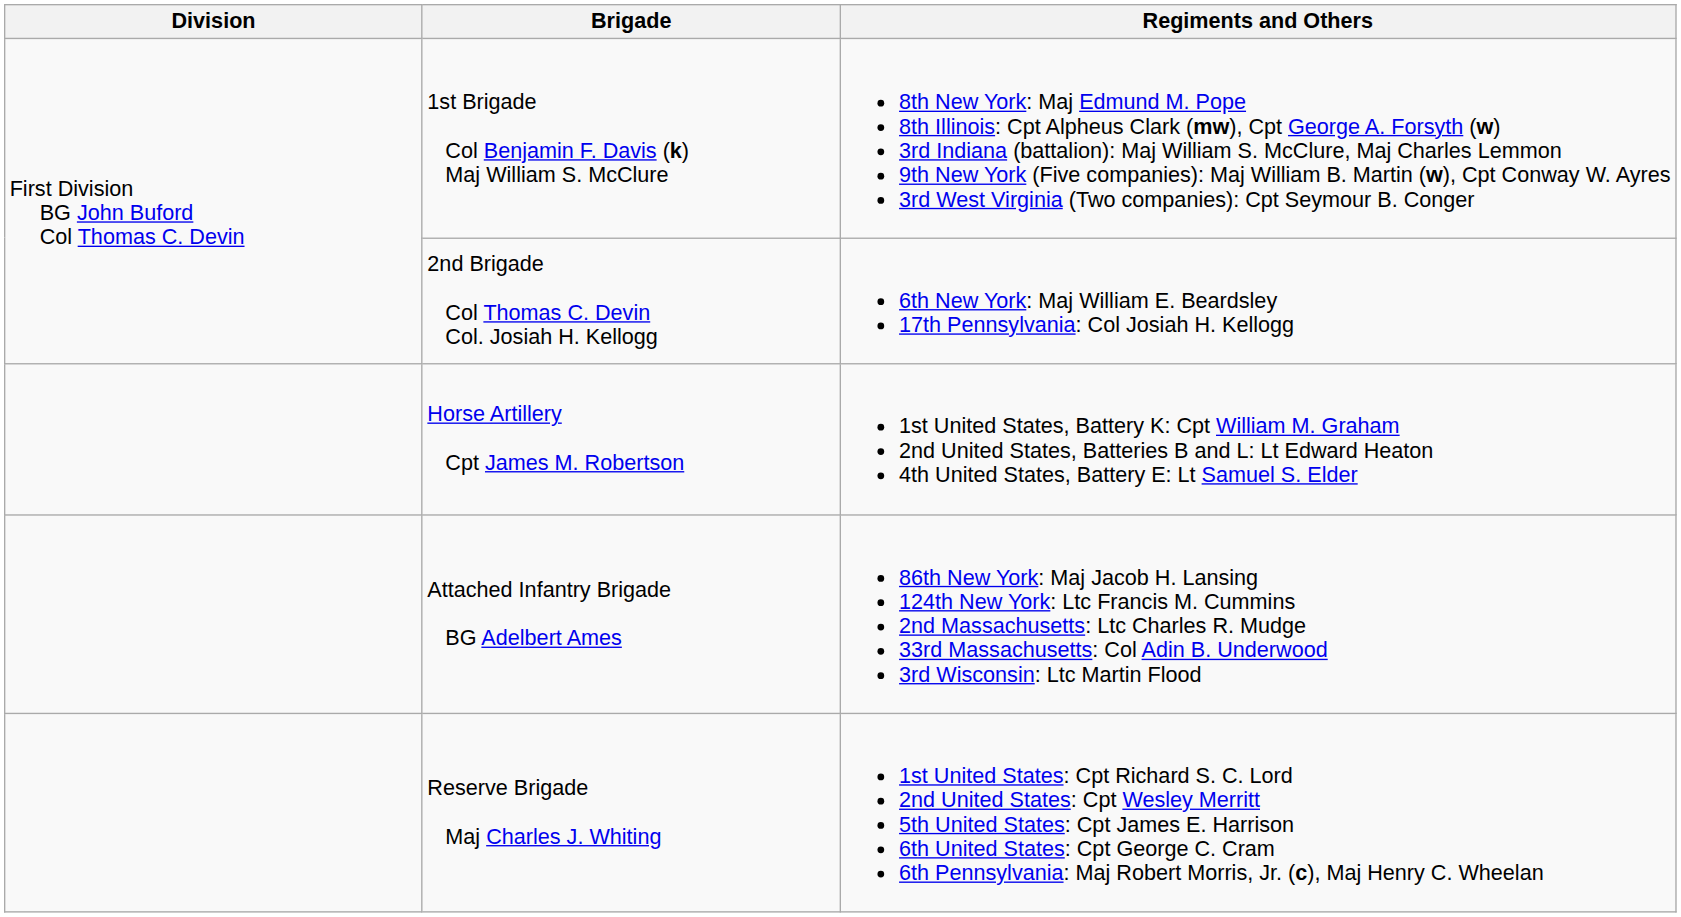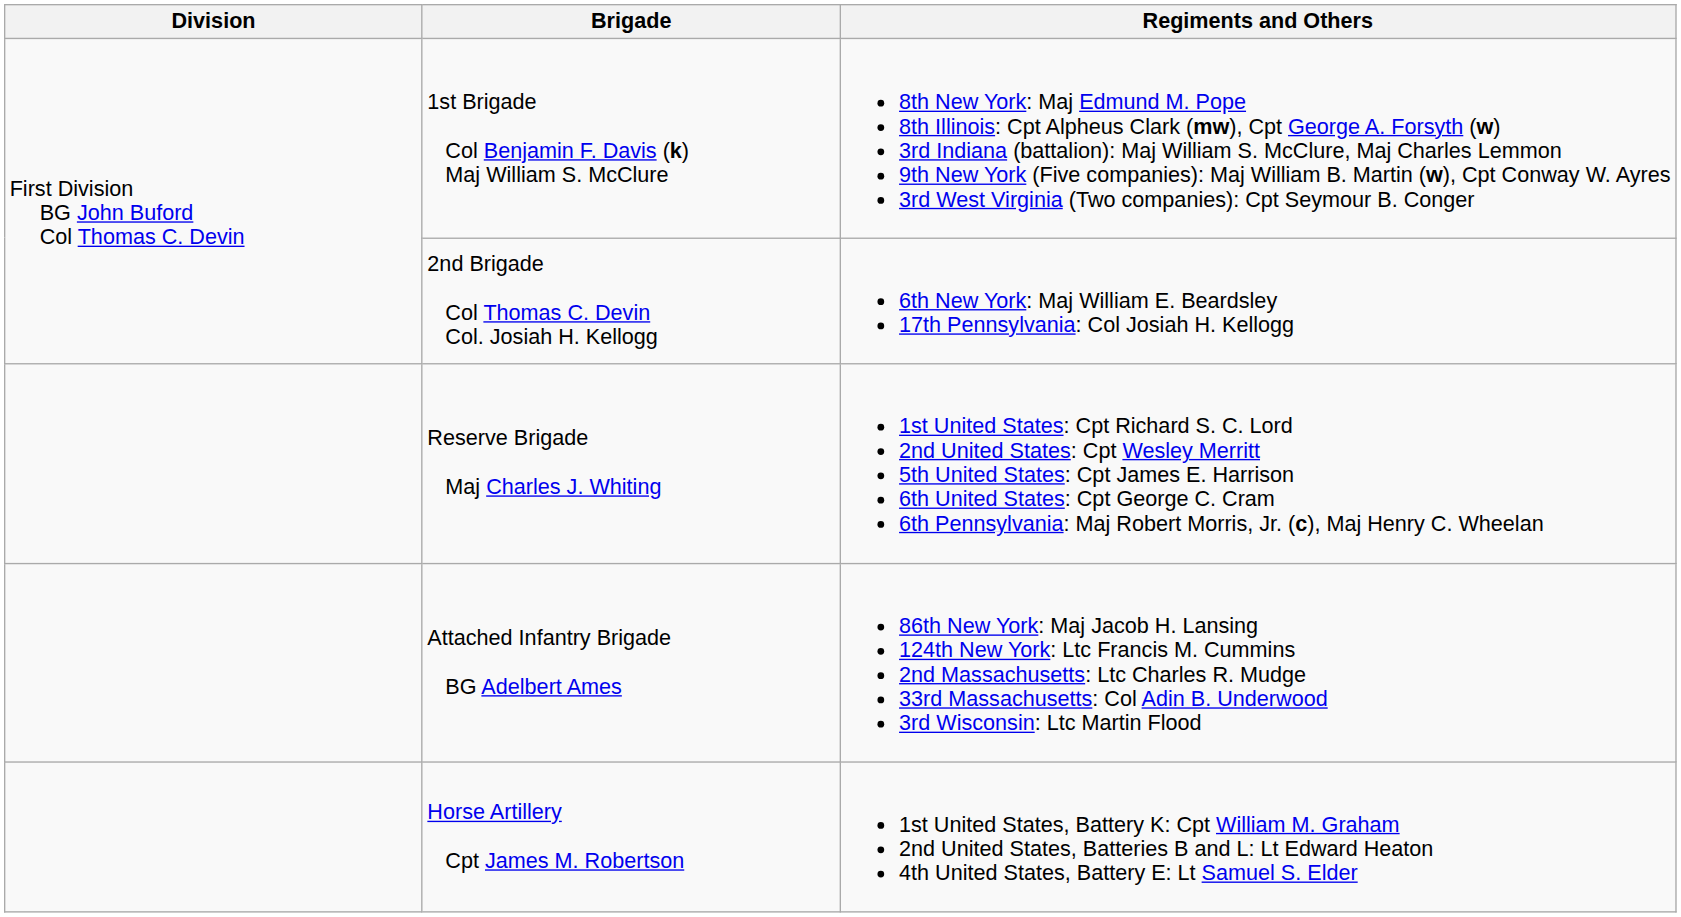 <table class="wikitable">
 <tr>
 <th width=25%>Division</th>
 <th width=25%>Brigade</th>
 <th>Regiments and Others</th>
 </tr>
 <tr>
 <td rowspan=2><br>First Division <br>     BG <a href='#'>John Buford</a> <br>     Col <a href='#'>Thomas C. Devin</a></td>
 <td>1st Brigade<br><br>   Col <a href='#'>Benjamin F. Davis</a> (<strong>k</strong>) <br>   Maj William S. McClure</td>
 <td><br><ul><li><a href='#'>8th New York</a>: Maj <a href='#'>Edmund M. Pope</a></li><li><a href='#'>8th Illinois</a>: Cpt Alpheus Clark (<strong>mw</strong>), Cpt <a href='#'>George A. Forsyth</a> (<strong>w</strong>)</li><li><a href='#'>3rd Indiana</a> (battalion): Maj William S. McClure, Maj Charles Lemmon</li><li><a href='#'>9th New York</a> (Five companies): Maj William B. Martin (<strong>w</strong>), Cpt Conway W. Ayres</li><li><a href='#'>3rd West Virginia</a> (Two companies): Cpt Seymour B. Conger</li></ul></td>
 </tr>
 <tr>
 <td>2nd Brigade<br><br>   Col <a href='#'>Thomas C. Devin</a> <br>   Col. Josiah H. Kellogg</td>
 <td><br><ul><li><a href='#'>6th New York</a>: Maj William E. Beardsley</li><li><a href='#'>17th Pennsylvania</a>: Col Josiah H. Kellogg</li></ul></td>
 </tr>
 <tr>
 <td></td>
-<td><a href='#'>Horse Artillery</a><br><br>   Cpt <a href='#'>James M. Robertson</a></td>
-<td><br><ul><li>1st United States, Battery K: Cpt <a href='#'>William M. Graham</a></li><li>2nd United States, Batteries B and L: Lt Edward Heaton</li><li>4th United States, Battery E: Lt <a href='#'>Samuel S. Elder</a></li></ul></td>
+<td>Reserve Brigade<br><br>   Maj <a href='#'>Charles J. Whiting</a></td>
+<td><br><ul><li><a href='#'>1st United States</a>: Cpt Richard S. C. Lord</li><li><a href='#'>2nd United States</a>: Cpt <a href='#'>Wesley Merritt</a></li><li><a href='#'>5th United States</a>: Cpt James E. Harrison</li><li><a href='#'>6th United States</a>: Cpt George C. Cram</li><li><a href='#'>6th Pennsylvania</a>: Maj Robert Morris, Jr. (<strong>c</strong>), Maj Henry C. Wheelan</li></ul></td>
 </tr>
 <tr>
 <td></td>
 <td>Attached Infantry Brigade<br><br>   BG <a href='#'>Adelbert Ames</a></td>
 <td><br><ul><li><a href='#'>86th New York</a>: Maj Jacob H. Lansing</li><li><a href='#'>124th New York</a>: Ltc Francis M. Cummins</li><li><a href='#'>2nd Massachusetts</a>: Ltc Charles R. Mudge</li><li><a href='#'>33rd Massachusetts</a>: Col <a href='#'>Adin B. Underwood</a></li><li><a href='#'>3rd Wisconsin</a>: Ltc Martin Flood</li></ul></td>
 </tr>
 <tr>
 <td></td>
-<td>Reserve Brigade<br><br>   Maj <a href='#'>Charles J. Whiting</a></td>
-<td><br><ul><li><a href='#'>1st United States</a>: Cpt Richard S. C. Lord</li><li><a href='#'>2nd United States</a>: Cpt <a href='#'>Wesley Merritt</a></li><li><a href='#'>5th United States</a>: Cpt James E. Harrison</li><li><a href='#'>6th United States</a>: Cpt George C. Cram</li><li><a href='#'>6th Pennsylvania</a>: Maj Robert Morris, Jr. (<strong>c</strong>), Maj Henry C. Wheelan</li></ul></td>
+<td><a href='#'>Horse Artillery</a><br><br>   Cpt <a href='#'>James M. Robertson</a></td>
+<td><br><ul><li>1st United States, Battery K: Cpt <a href='#'>William M. Graham</a></li><li>2nd United States, Batteries B and L: Lt Edward Heaton</li><li>4th United States, Battery E: Lt <a href='#'>Samuel S. Elder</a></li></ul></td>
 </tr>
 </table>
